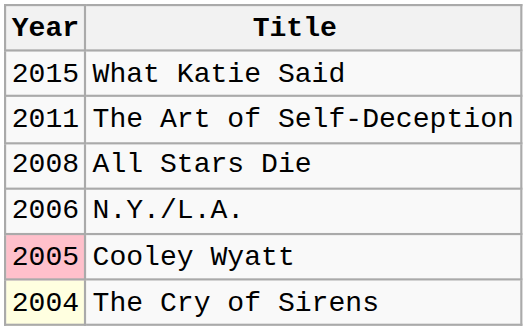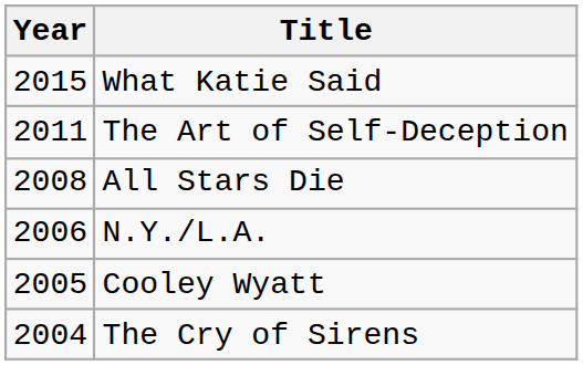 <table class="wikitable">
 <tr>
 <th>Year</th>
 <th>Title </th>
 </tr>
 <tr>
 <td>2015</td>
 <td>What Katie Said</td>
 </tr>
 <tr>
 <td>2011</td>
 <td>The Art of Self-Deception</td>
 </tr>
 <tr>
 <td>2008</td>
 <td>All Stars Die</td>
 </tr>
 <tr>
 <td>2006</td>
 <td>N.Y./L.A.</td>
 </tr>
 <tr>
-<td style="background: pink;">2005</td>
+<td>2005</td>
 <td>Cooley Wyatt</td>
 </tr>
 <tr>
-<td style="background: lightyellow;">2004</td>
+<td>2004</td>
 <td>The Cry of Sirens</td>
 </tr>
 </table>
